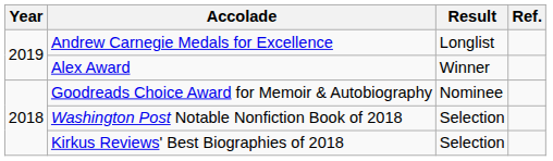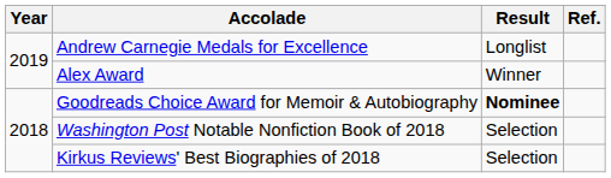 <table class="wikitable sortable">
 <tr>
 <th>Year</th>
 <th>Accolade</th>
 <th>Result</th>
 <th>Ref.</th>
 </tr>
 <tr>
 <td rowspan="2">2019</td>
 <td><a href='#'>Andrew Carnegie Medals for Excellence</a></td>
 <td>Longlist</td>
 <td></td>
 </tr>
 <tr>
 <td><a href='#'>Alex Award</a></td>
 <td>Winner</td>
 <td></td>
 </tr>
 <tr>
 <td rowspan="3">2018</td>
 <td><a href='#'>Goodreads Choice Award</a> for Memoir & Autobiography</td>
-<td>Nominee</td>
+<td><strong>Nominee</strong></td>
 <td></td>
 </tr>
 <tr>
 <td><em><a href='#'>Washington Post</a></em> Notable Nonfiction Book of 2018</td>
 <td>Selection</td>
 <td></td>
 </tr>
 <tr>
 <td><a href='#'>Kirkus Reviews</a>' Best Biographies of 2018</td>
 <td>Selection</td>
 <td></td>
 </tr>
 </table>
